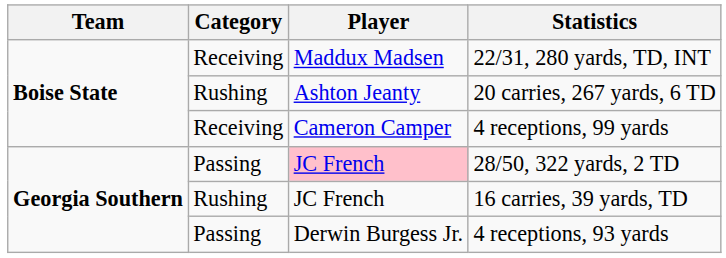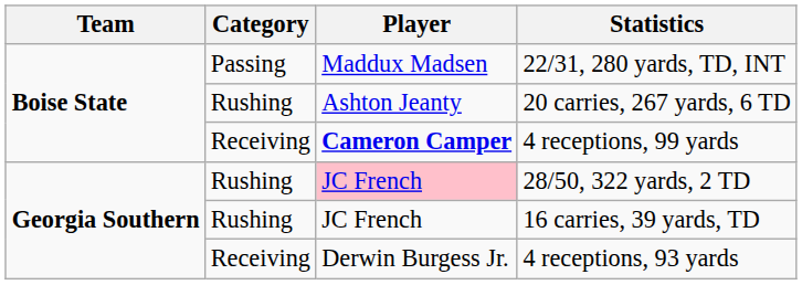 <table class="wikitable" style="float: right;">
 <tr>
 <th>Team</th>
 <th>Category</th>
 <th>Player</th>
 <th>Statistics</th>
 </tr>
 <tr>
 <td rowspan=3><strong>Boise State</strong></td>
-<td>Receiving</td>
+<td>Passing</td>
 <td><a href='#'>Maddux Madsen</a></td>
 <td>22/31, 280 yards, TD, INT</td>
 </tr>
 <tr>
 <td>Rushing</td>
 <td><a href='#'>Ashton Jeanty</a></td>
 <td>20 carries, 267 yards, 6 TD</td>
 </tr>
 <tr>
 <td>Receiving</td>
-<td><a href='#'>Cameron Camper</a></td>
+<td><strong><a href='#'>Cameron Camper</a></strong></td>
 <td>4 receptions, 99 yards</td>
 </tr>
 <tr>
 <td rowspan=3><strong>Georgia Southern</strong></td>
-<td>Passing</td>
+<td>Rushing</td>
 <td style="background: pink;"><a href='#'>JC French</a></td>
 <td>28/50, 322 yards, 2 TD</td>
 </tr>
 <tr>
 <td>Rushing</td>
 <td>JC French</td>
 <td>16 carries, 39 yards, TD</td>
 </tr>
 <tr>
-<td>Passing</td>
+<td>Receiving</td>
 <td>Derwin Burgess Jr.</td>
 <td>4 receptions, 93 yards</td>
 </tr>
 </table>
